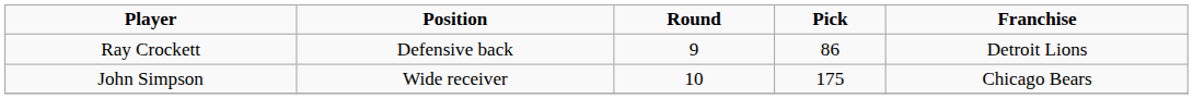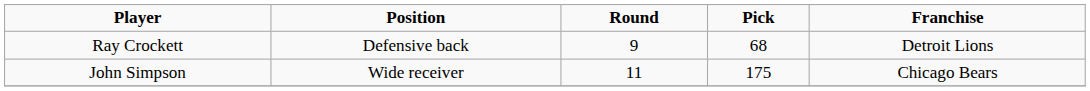 <table class="wikitable" width="80%">
 <tr align="center">
 <td><strong>Player</strong></td>
 <td><strong>Position</strong></td>
 <td><strong>Round</strong></td>
 <td><strong>Pick</strong></td>
 <td><strong>Franchise</strong></td>
 </tr>
 <tr align="center" bgcolor="">
 <td>Ray Crockett</td>
 <td>Defensive back</td>
 <td>9</td>
-<td>86</td>
+<td>68</td>
 <td>Detroit Lions</td>
 </tr>
 <tr align="center" bgcolor="">
 <td>John Simpson</td>
 <td>Wide receiver</td>
-<td>10</td>
+<td>11</td>
 <td>175</td>
 <td>Chicago Bears</td>
 </tr>
 <tr align="center" bgcolor="">
 </tr>
 </table>
